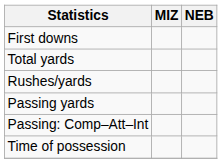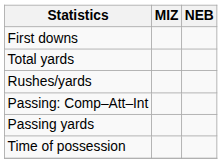 <table class="wikitable" style="float: left;">
 <tr>
 <th>Statistics</th>
 <th>MIZ</th>
 <th>NEB</th>
 </tr>
 <tr>
 <td>First downs</td>
 <td></td>
 <td></td>
 </tr>
 <tr>
 <td>Total yards</td>
 <td></td>
 <td></td>
 </tr>
 <tr>
 <td>Rushes/yards</td>
 <td></td>
 <td></td>
 </tr>
 <tr>
-<td>Passing yards</td>
+<td>Passing: Comp–Att–Int</td>
 <td></td>
 <td></td>
 </tr>
 <tr>
-<td>Passing: Comp–Att–Int</td>
+<td>Passing yards</td>
 <td></td>
 <td></td>
 </tr>
 <tr>
 <td>Time of possession</td>
 <td></td>
 <td></td>
 </tr>
 <tr>
 </tr>
 </table>
